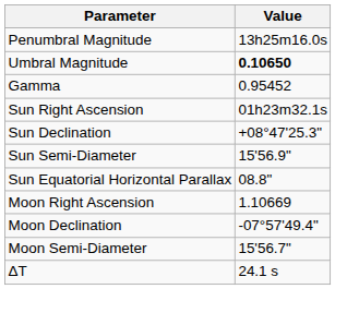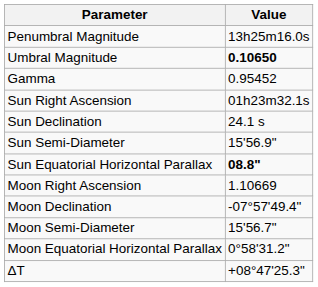 <table class="wikitable">
 <tr>
 <th>Parameter</th>
 <th>Value</th>
 </tr>
 <tr>
 <td>Penumbral Magnitude</td>
 <td>13h25m16.0s</td>
 </tr>
 <tr>
 <td>Umbral Magnitude</td>
 <td><strong>0.10650</strong></td>
 </tr>
 <tr>
 <td>Gamma</td>
 <td>0.95452</td>
 </tr>
 <tr>
 <td>Sun Right Ascension</td>
 <td>01h23m32.1s</td>
 </tr>
 <tr>
 <td>Sun Declination</td>
-<td>+08°47'25.3"</td>
+<td>24.1 s</td>
 </tr>
 <tr>
 <td>Sun Semi-Diameter</td>
 <td>15'56.9"</td>
 </tr>
 <tr>
 <td>Sun Equatorial Horizontal Parallax</td>
-<td>08.8"</td>
+<td><strong>08.8"</strong></td>
 </tr>
 <tr>
 <td>Moon Right Ascension</td>
 <td>1.10669</td>
 </tr>
 <tr>
 <td>Moon Declination</td>
 <td>-07°57'49.4"</td>
 </tr>
 <tr>
 <td>Moon Semi-Diameter</td>
 <td>15'56.7"</td>
 </tr>
 <tr>
+<td>Moon Equatorial Horizontal Parallax</td>
+<td>0°58'31.2"</td>
+</tr>
+<tr>
 <td>ΔT</td>
-<td>24.1 s</td>
+<td>+08°47'25.3"</td>
 </tr>
 </table>
